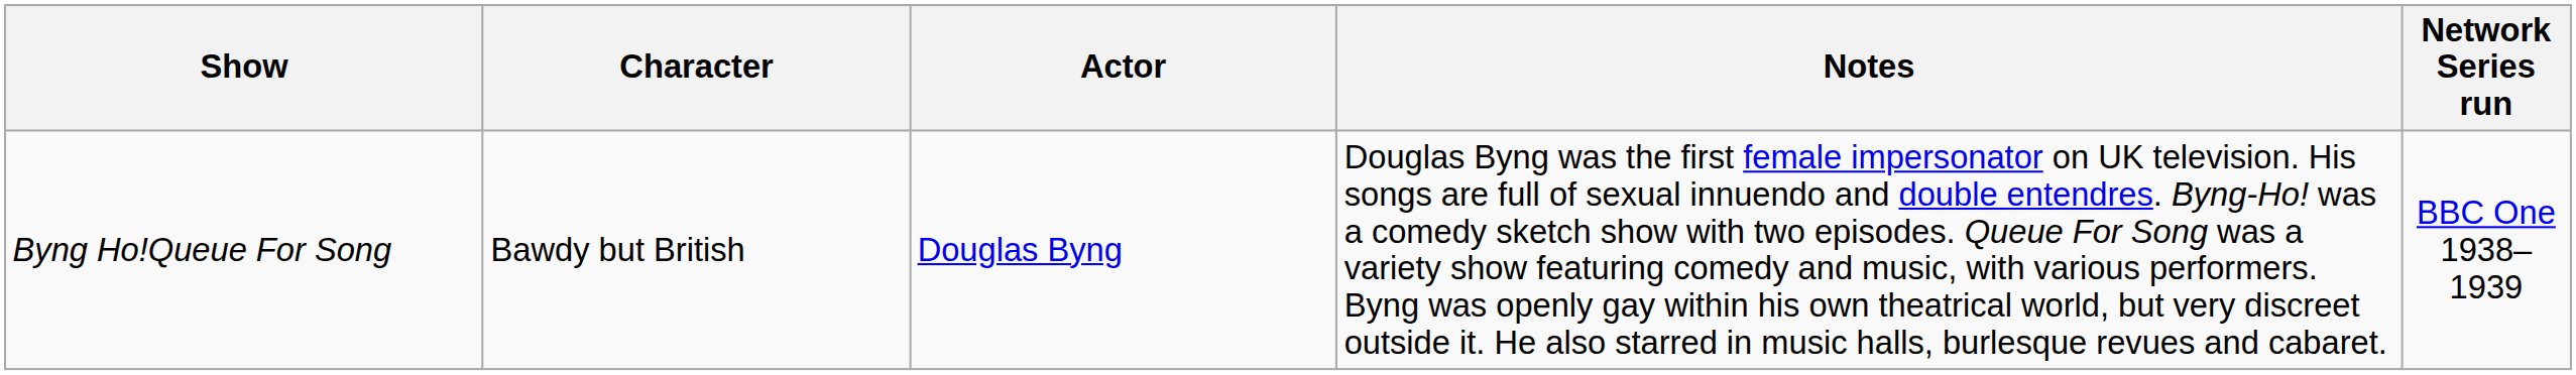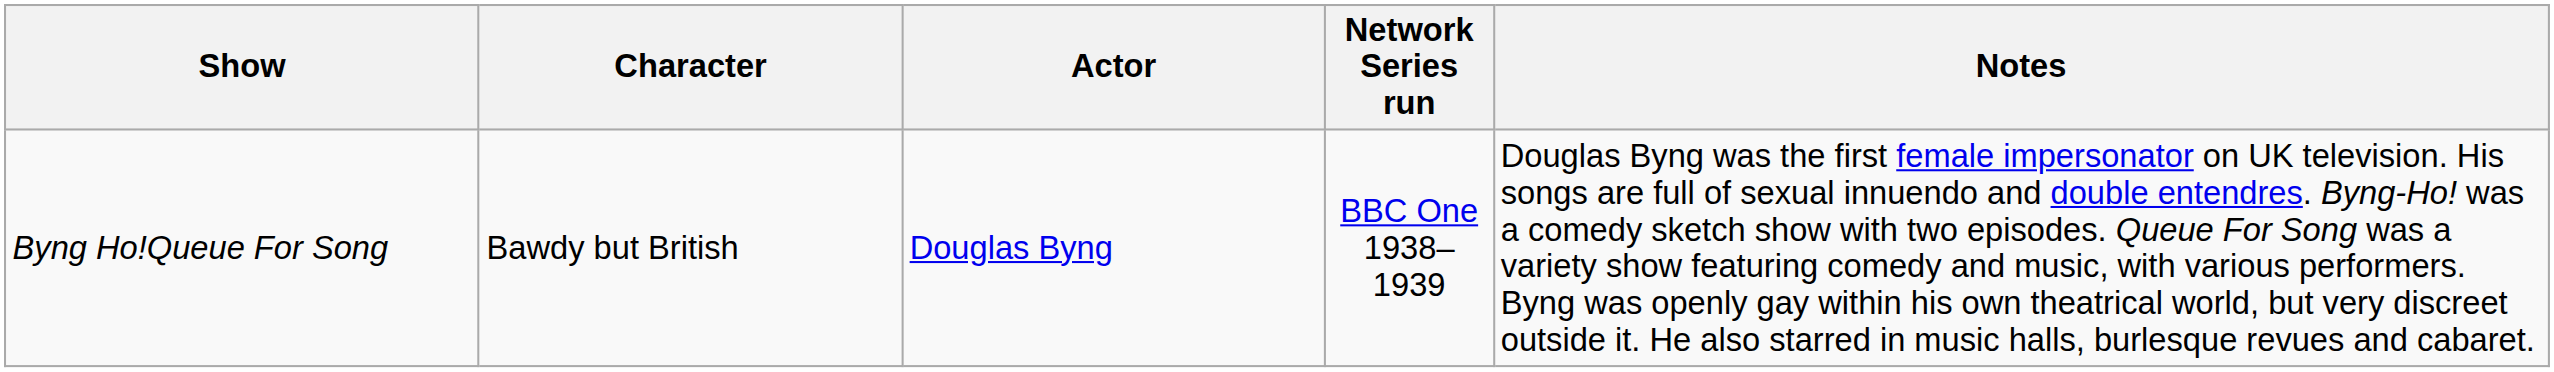 <table class="wikitable" style="margins:auto; width=100%;">
 <tr>
 <th style="width:225px;">Show</th>
 <th style="width:200px">Character</th>
 <th style="width:200px">Actor</th>
+<th style="width:75px;" class="unsortable">Network <br>Series run</th>
 <th class="unsortable">Notes</th>
-<th style="width:75px;" class="unsortable">Network <br>Series run</th>
 </tr>
 <tr>
 <td><em>Byng Ho!</em><em>Queue For Song</em></td>
 <td>Bawdy but British</td>
 <td><a href='#'>Douglas Byng</a></td>
+<td style="text-align: center;"><a href='#'>BBC One</a> <br> 1938–1939</td>
 <td>Douglas Byng was the first <a href='#'>female impersonator</a> on UK television. His songs are full of sexual innuendo and <a href='#'>double entendres</a>. <em>Byng-Ho!</em> was a comedy sketch show with two episodes. <em>Queue For Song</em> was a variety show featuring comedy and music, with various performers. Byng was openly gay within his own theatrical world, but very discreet outside it. He also starred in music halls, burlesque revues and cabaret.</td>
-<td style="text-align: center;"><a href='#'>BBC One</a> <br> 1938–1939</td>
 </tr>
 </table>
